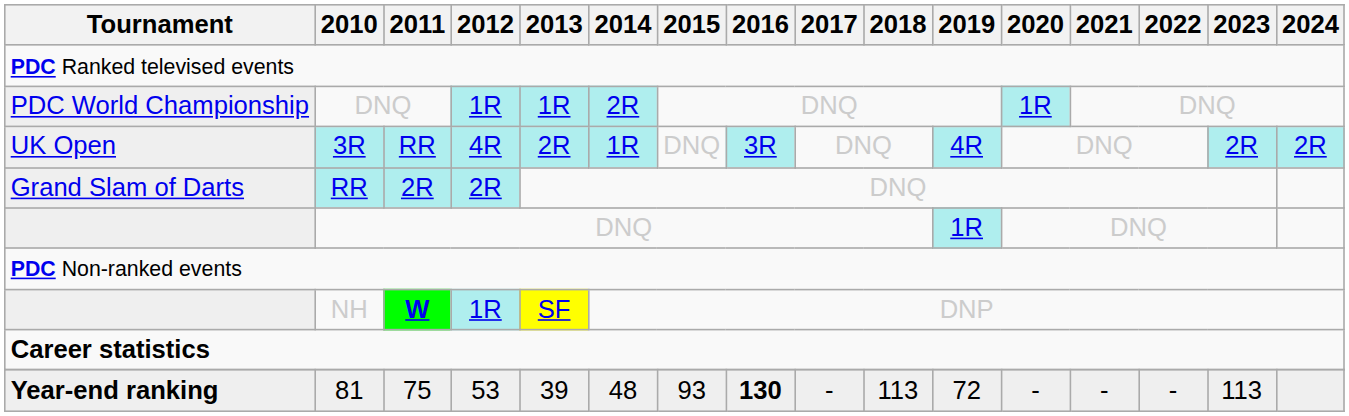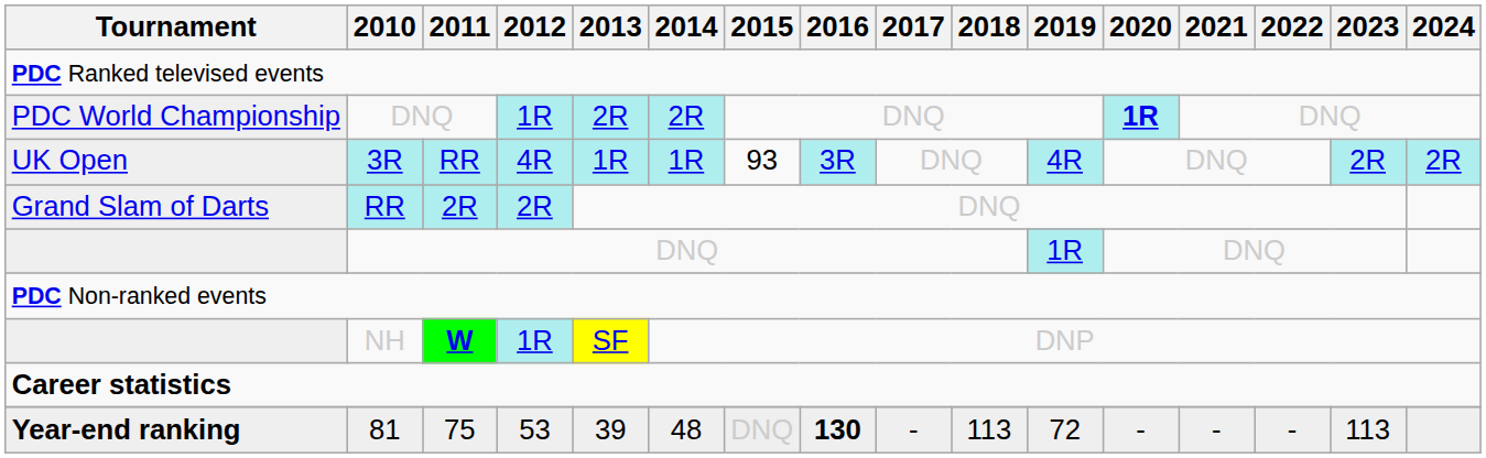 <table class="wikitable">
 <tr>
 <th>Tournament</th>
 <th>2010</th>
 <th>2011</th>
 <th>2012</th>
 <th>2013</th>
 <th>2014</th>
 <th>2015</th>
 <th>2016</th>
 <th>2017</th>
 <th>2018</th>
 <th>2019</th>
 <th>2020</th>
 <th>2021</th>
 <th>2022</th>
 <th>2023</th>
 <th>2024</th>
 </tr>
 <tr>
 <td colspan="25" style="text-align:left"><small><strong><a href='#'>PDC</a> </strong>Ranked televised events</small></td>
 </tr>
 <tr>
 <td style="background:#efefef;"><a href='#'>PDC World Championship</a></td>
 <td colspan="2" style="text-align:center; color:#ccc;">DNQ</td>
 <td style="text-align:center; background:#afeeee;"><a href='#'>1R</a></td>
-<td style="text-align:center; background:#afeeee;"><a href='#'>1R</a></td>
+<td style="text-align:center; background:#afeeee;"><a href='#'>2R</a></td>
 <td style="text-align:center; background:#afeeee;"><a href='#'>2R</a></td>
 <td colspan="5" style="text-align:center; color:#ccc;">DNQ</td>
-<td style="text-align:center; background:#afeeee;"><a href='#'>1R</a></td>
+<td style="text-align:center; background:#afeeee;"><strong><a href='#'>1R</a></strong></td>
 <td colspan="4" style="text-align:center; color:#ccc;">DNQ</td>
 </tr>
 <tr>
 <td style="background:#efefef;"><a href='#'>UK Open</a></td>
 <td style="text-align:center; background:#afeeee;"><a href='#'>3R</a></td>
 <td style="text-align:center; background:#afeeee;"><a href='#'>RR</a></td>
 <td style="text-align:center; background:#afeeee;"><a href='#'>4R</a></td>
-<td style="text-align:center; background:#afeeee;"><a href='#'>2R</a></td>
 <td style="text-align:center; background:#afeeee;"><a href='#'>1R</a></td>
-<td colspan="1" style="text-align:center; color:#ccc;">DNQ</td>
+<td style="text-align:center; background:#afeeee;"><a href='#'>1R</a></td>
+<td style="text-align:center;">93</td>
 <td style="text-align:center; background:#afeeee;"><a href='#'>3R</a></td>
 <td colspan="2" style="text-align:center; color:#ccc;">DNQ</td>
 <td style="text-align:center; background:#afeeee;"><a href='#'>4R</a></td>
 <td colspan="3" style="text-align:center; color:#ccc;">DNQ</td>
 <td style="text-align:center; background:#afeeee;"><a href='#'>2R</a></td>
 <td style="text-align:center; background:#afeeee;"><a href='#'>2R</a></td>
 </tr>
 <tr>
 <td style="background:#efefef;"><a href='#'>Grand Slam of Darts</a></td>
 <td style="text-align:center; background:#afeeee;"><a href='#'>RR</a></td>
 <td style="text-align:center; background:#afeeee;"><a href='#'>2R</a></td>
 <td style="text-align:center; background:#afeeee;"><a href='#'>2R</a></td>
 <td colspan="11" style="text-align:center; color:#ccc;">DNQ</td>
 <td></td>
 </tr>
 <tr>
 <td style="background:#efefef;"></td>
 <td colspan="9" style="text-align:center; color:#ccc;">DNQ</td>
 <td style="text-align:center; background:#afeeee;"><a href='#'>1R</a></td>
 <td colspan="4" style="text-align:center; color:#ccc;">DNQ</td>
 <td></td>
 </tr>
 <tr>
 <td colspan="25" style="text-align:left"><small><strong><a href='#'>PDC</a> </strong>Non-ranked events</small></td>
 </tr>
 <tr>
 <td style="background:#efefef;"></td>
 <td style="text-align:center; color:#ccc;">NH</td>
 <td style="text-align:center; background:lime;"><a href='#'><strong>W</strong></a></td>
 <td style="text-align:center; background:#afeeee;"><a href='#'>1R</a></td>
 <td style="text-align:center; background:yellow;"><a href='#'>SF</a></td>
 <td colspan="11" style="text-align:center; color:#ccc;">DNP</td>
 </tr>
 <tr>
 <td colspan="22" align="left"><strong>Career statistics</strong></td>
 </tr>
 <tr>
 </tr>
 <tr bgcolor="efefef">
 <td align="left"><strong>Year-end ranking</strong></td>
 <td style="text-align:center;">81</td>
 <td style="text-align:center;">75</td>
 <td style="text-align:center;">53</td>
 <td style="text-align:center;">39</td>
 <td style="text-align:center;">48</td>
-<td style="text-align:center;">93</td>
+<td colspan="1" style="text-align:center; color:#ccc;">DNQ</td>
 <td style="text-align:center;"><strong>130</strong></td>
 <td style="text-align:center;">-</td>
 <td style="text-align:center;">113</td>
 <td style="text-align:center;">72</td>
 <td style="text-align:center;">-</td>
 <td style="text-align:center;">-</td>
 <td style="text-align:center;">-</td>
 <td style="text-align:center;">113</td>
 <td></td>
 </tr>
 </table>
